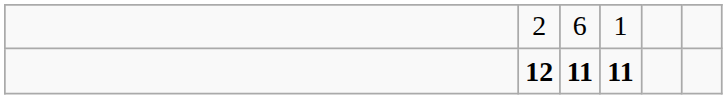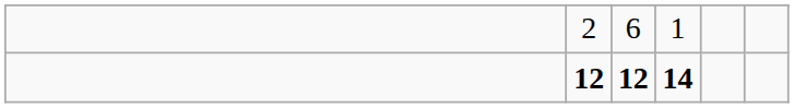 <table class="wikitable">
 <tr>
 <td style="width:18em"></td>
 <td align=center style="width:1em">2</td>
 <td align=center style="width:1em">6</td>
 <td align=center style="width:1em">1</td>
 <td align=center style="width:1em"></td>
 <td align=center style="width:1em"></td>
 </tr>
 <tr>
 <td style="width:18em"><strong></strong></td>
 <td align=center style="width:1em"><strong>12</strong></td>
-<td align=center style="width:1em"><strong>11</strong></td>
-<td align=center style="width:1em"><strong>11</strong></td>
+<td align=center style="width:1em"><strong>12</strong></td>
+<td align=center style="width:1em"><strong>14</strong></td>
 <td align=center style="width:1em"></td>
 <td align=center style="width:1em"></td>
 </tr>
 </table>
